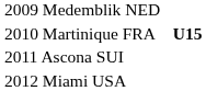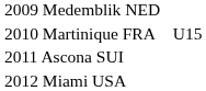 <table>
 <tr>
 <td>2009 Medemblik NED</td>
 <td></td>
 <td></td>
 <td></td>
 </tr>
 <tr>
 <td>2010 Martinique FRA</td>
 <td></td>
 <td></td>
-<td><strong>U15 </strong></td>
+<td>U15 </td>
 </tr>
 <tr>
 <td>2011 Ascona SUI</td>
 <td></td>
 <td></td>
 <td></td>
 </tr>
 <tr>
 <td>2012 Miami USA</td>
 <td></td>
 <td></td>
 <td></td>
 </tr>
 <tr>
 </tr>
 </table>
